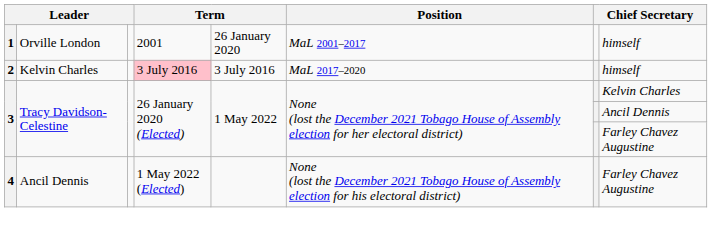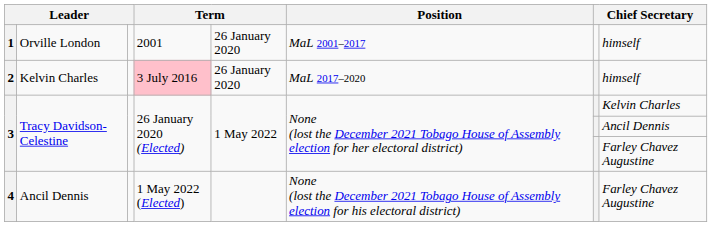 <table class="wikitable">
 <tr>
 <th colspan="3">Leader</th>
 <th colspan="2">Term</th>
 <th>Position</th>
 <th colspan="2">Chief Secretary</th>
 </tr>
 <tr>
 <th style="background-color: "><strong>1</strong></th>
 <td>Orville London</td>
 <td></td>
 <td>2001</td>
 <td>26 January 2020</td>
 <td><em>MaL</em> <small><a href='#'>2001</a>–<a href='#'>2017</a></small></td>
 <td style="background-color: "></td>
 <td><em>himself</em></td>
 </tr>
 <tr>
 <th style="background-color: "><strong>2</strong></th>
 <td>Kelvin Charles</td>
 <td></td>
 <td style="background: pink;">3 July 2016</td>
-<td>3 July 2016</td>
+<td>26 January 2020</td>
 <td><em>MaL</em> <small><a href='#'>2017</a>–2020</small></td>
 <th style="background-color: "></th>
 <td><em>himself</em></td>
 </tr>
 <tr>
 <th rowspan="3" style="background-color: "><strong>3</strong></th>
 <td rowspan="3"><a href='#'>Tracy Davidson-Celestine</a></td>
 <td rowspan="3"></td>
 <td rowspan="3">26 January 2020<br><em>(<a href='#'>Elected</a>)</em></td>
 <td rowspan="3">1 May 2022</td>
 <td rowspan="3"><em>None<br>(lost the <a href='#'>December 2021 Tobago House of Assembly election</a> for her electoral district)</em></td>
 <th style="background-color: "></th>
 <td><em>Kelvin Charles</em></td>
 </tr>
 <tr>
 <th style="background-color: "></th>
 <td><em>Ancil Dennis</em></td>
 </tr>
 <tr>
 <th style="background-color: "></th>
 <td><em>Farley Chavez Augustine</em></td>
 </tr>
 <tr>
 <th style="background-color: "><strong>4</strong></th>
 <td>Ancil Dennis</td>
 <td></td>
 <td>1 May 2022<br>(<a href='#'><em>Elected</em></a>)</td>
 <td></td>
 <td><em>None<br>(lost the <a href='#'>December 2021 Tobago House of Assembly election</a> for his electoral district)</em></td>
 <th style="background-color: "></th>
 <td><em>Farley Chavez Augustine</em></td>
 </tr>
 </table>
